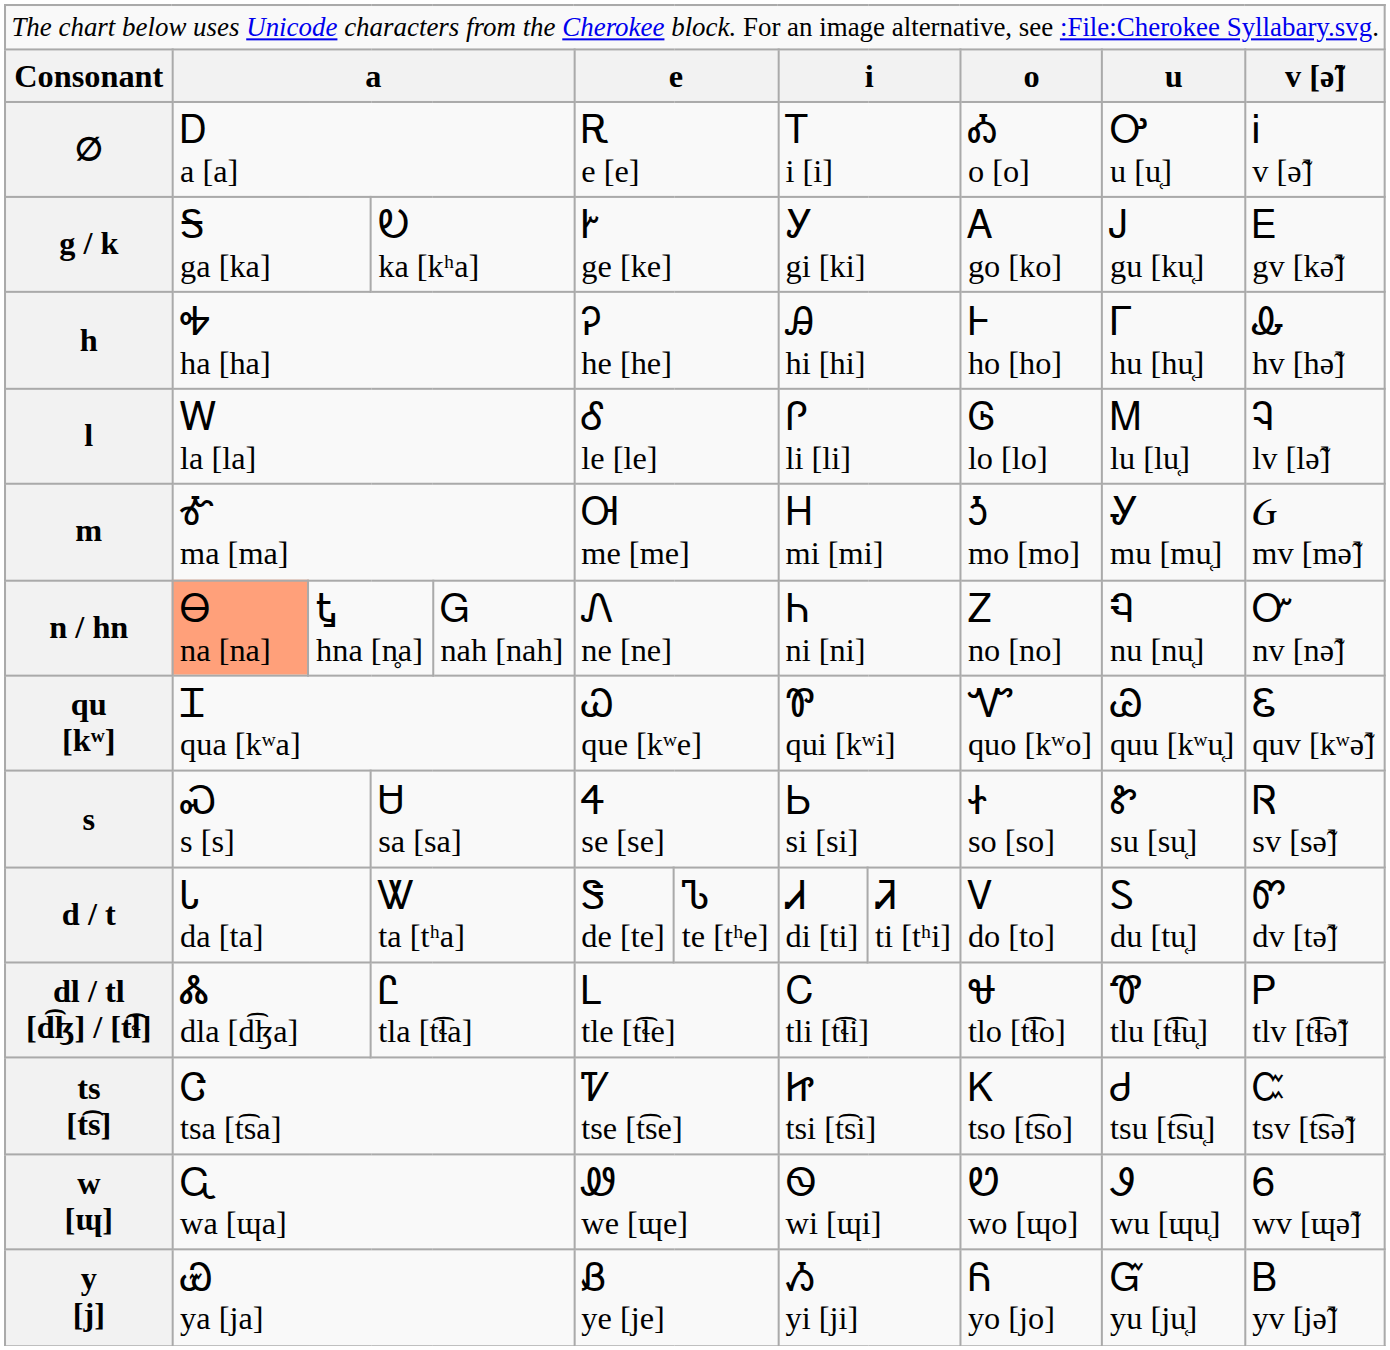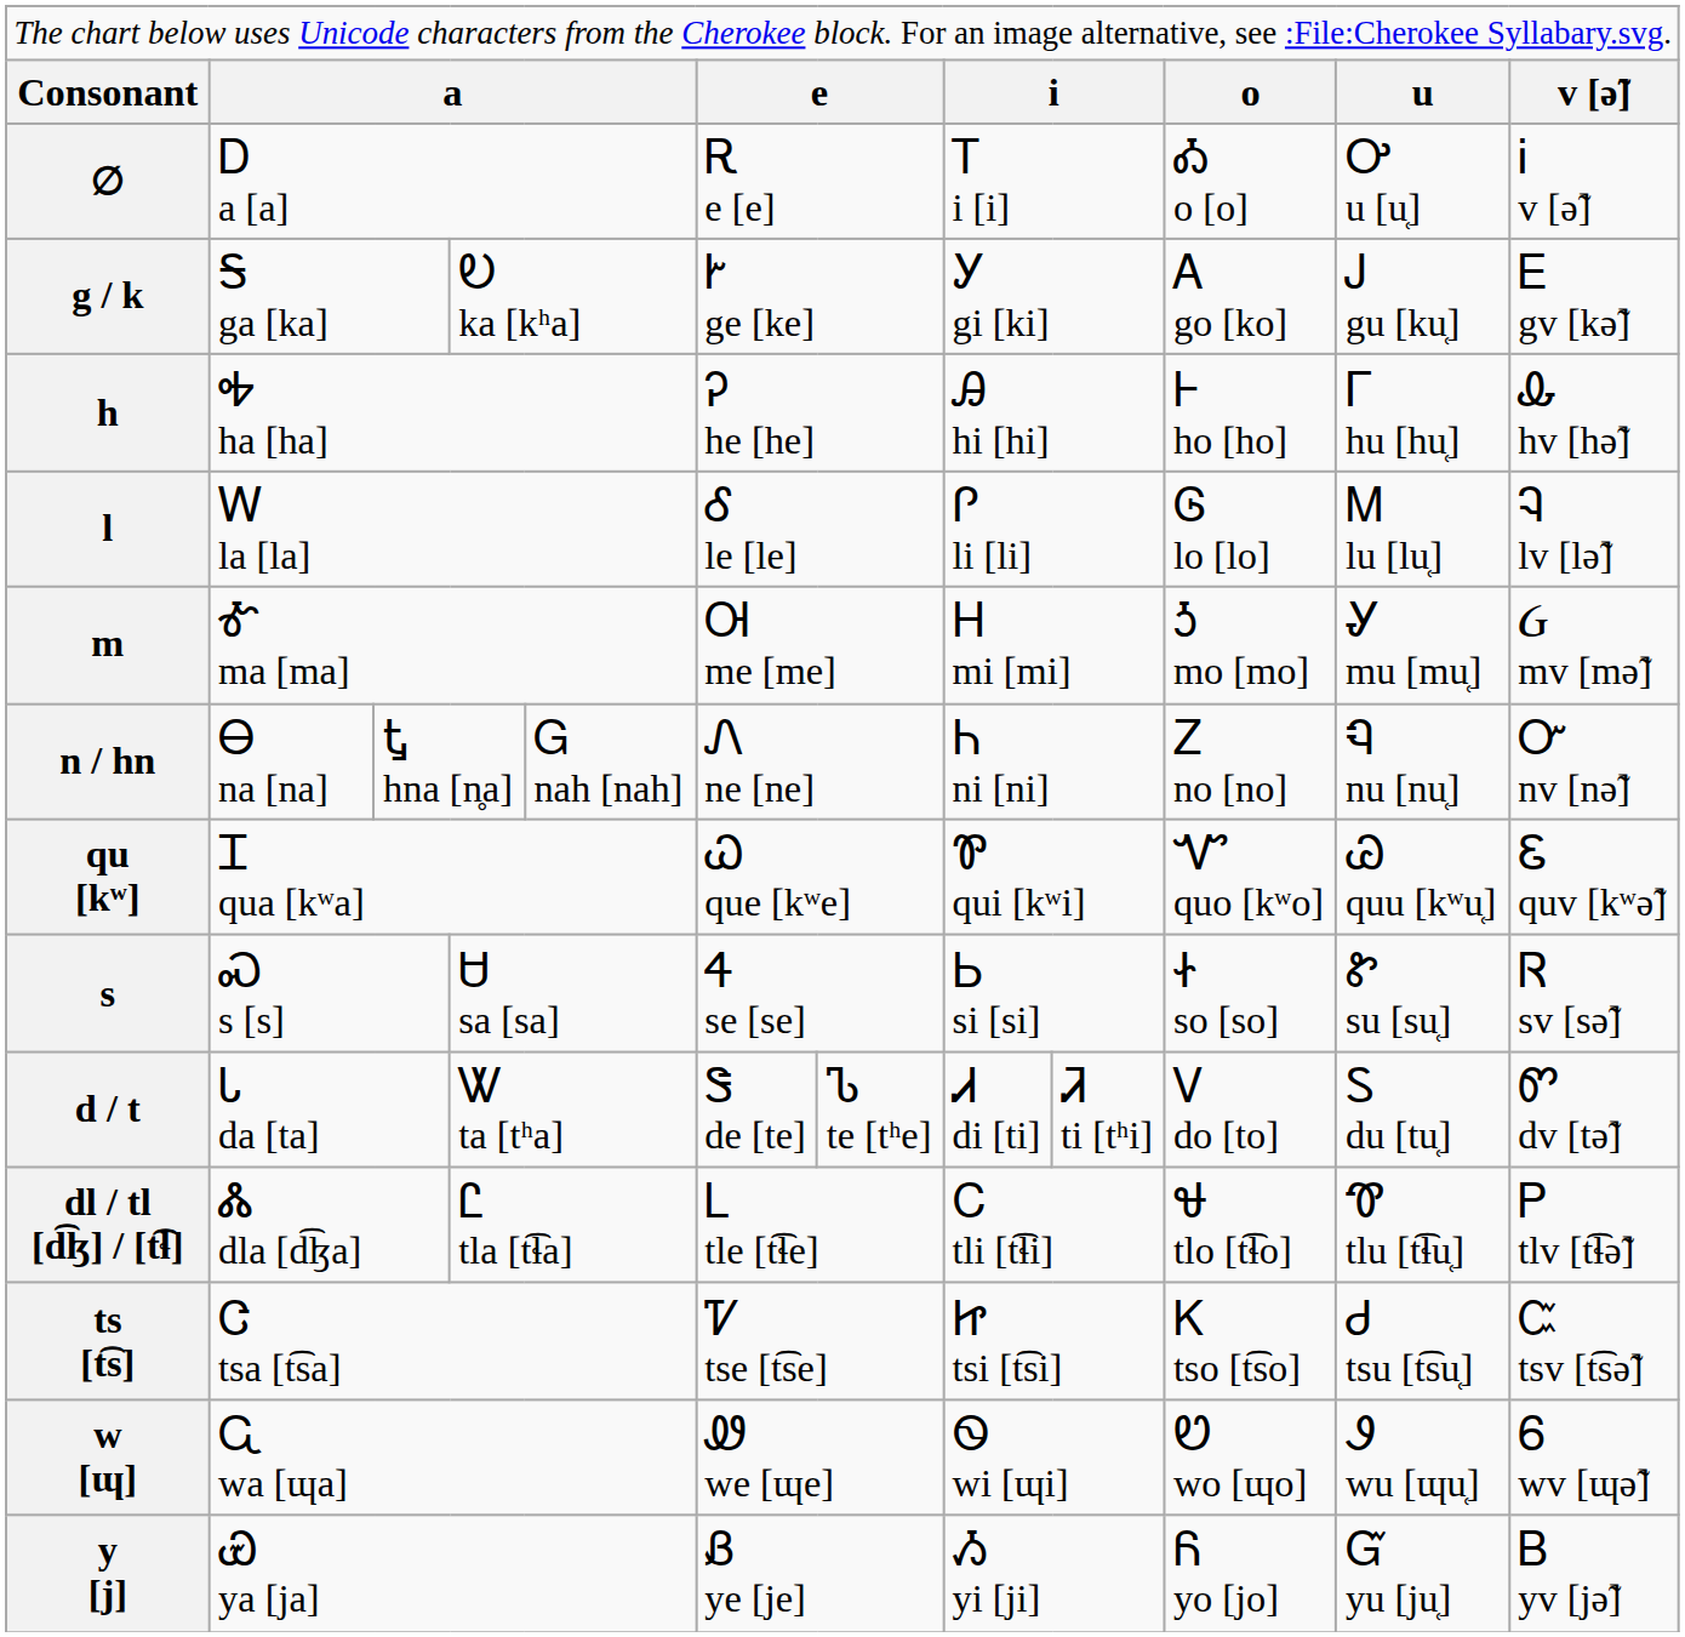 <table class="wikitable">
 <tr>
 <td colspan="12" style="font-size: smaller"><em>The chart below uses <a href='#'>Unicode</a> characters from the <a href='#'>Cherokee</a> block.</em> For an image alternative, see <a href='#'>:File:Cherokee Syllabary.svg</a>.</td>
 </tr>
 <tr>
 <th>Consonant</th>
 <th colspan="4">a</th>
 <th colspan="2">e</th>
 <th colspan="2">i</th>
 <th>o</th>
 <th>u</th>
 <th>v [ə̃]</th>
 </tr>
 <tr>
 <th>∅</th>
 <td colspan="4"><big>Ꭰ</big><br>a [a]</td>
 <td colspan="2"><big>Ꭱ</big><br>e [e]</td>
 <td colspan="2"><big>Ꭲ</big><br>i [i]</td>
 <td><big>Ꭳ</big><br>o [o]</td>
 <td><big>Ꭴ</big><br>u [u̜]</td>
 <td><big>Ꭵ</big><br>v [ə̃]</td>
 </tr>
 <tr>
 <th>g / k</th>
 <td colspan="2"><big>Ꭶ</big><br>ga [ka]</td>
 <td colspan="2"><big>Ꭷ</big><br>ka [kʰa]</td>
 <td colspan="2"><big>Ꭸ</big><br>ge [ke]</td>
 <td colspan="2"><big>Ꭹ</big><br>gi [ki]</td>
 <td><big>Ꭺ</big><br>go [ko]</td>
 <td><big>Ꭻ</big><br>gu [ku̜]</td>
 <td><big>Ꭼ</big><br>gv [kə̃]</td>
 </tr>
 <tr>
 <th>h</th>
 <td colspan="4"><big>Ꭽ</big><br>ha [ha]</td>
 <td colspan="2"><big>Ꭾ</big><br>he [he]</td>
 <td colspan="2"><big>Ꭿ</big><br>hi [hi]</td>
 <td><big>Ꮀ</big><br>ho [ho]</td>
 <td><big>Ꮁ</big><br>hu [hu̜]</td>
 <td><big>Ꮂ</big><br>hv [hə̃]</td>
 </tr>
 <tr>
 <th>l</th>
 <td colspan="4"><big>Ꮃ</big><br>la [la]</td>
 <td colspan="2"><big>Ꮄ</big><br>le [le]</td>
 <td colspan="2"><big>Ꮅ</big><br>li [li]</td>
 <td><big>Ꮆ</big><br>lo [lo]</td>
 <td><big>Ꮇ</big><br>lu [lu̜]</td>
 <td><big>Ꮈ</big><br>lv [lə̃]</td>
 </tr>
 <tr>
 <th>m</th>
 <td colspan="4"><big>Ꮉ</big><br>ma [ma]</td>
 <td colspan="2"><big>Ꮊ</big><br>me [me]</td>
 <td colspan="2"><big>Ꮋ</big><br>mi [mi]</td>
 <td><big>Ꮌ</big><br>mo [mo]</td>
 <td><big>Ꮍ</big><br>mu [mu̜]</td>
 <td><big>Ᏽ</big><br>mv [mə̃]</td>
 </tr>
 <tr>
 <th>n / hn</th>
-<td style="background: lightsalmon;"><big>Ꮎ</big><br>na [na]</td>
+<td><big>Ꮎ</big><br>na [na]</td>
 <td colspan="2"><big>Ꮏ</big><br>hna [n̥a]</td>
 <td><big>Ꮐ</big><br>nah [nah]</td>
 <td colspan="2"><big>Ꮑ</big><br>ne [ne]</td>
 <td colspan="2"><big>Ꮒ</big><br>ni [ni]</td>
 <td><big>Ꮓ</big><br>no [no]</td>
 <td><big>Ꮔ</big><br>nu [nu̜]</td>
 <td><big>Ꮕ</big><br>nv [nə̃]</td>
 </tr>
 <tr>
 <th>qu<br>[kʷ]</th>
 <td colspan="4"><big>Ꮖ</big><br>qua [kʷa]</td>
 <td colspan="2"><big>Ꮗ</big><br>que [kʷe]</td>
 <td colspan="2"><big>Ꮘ</big><br>qui [kʷi]</td>
 <td><big>Ꮙ</big><br>quo [kʷo]</td>
 <td><big>Ꮚ</big><br>quu [kʷu̜]</td>
 <td><big>Ꮛ</big><br>quv [kʷə̃]</td>
 </tr>
 <tr>
 <th>s</th>
 <td colspan="2"><big>Ꮝ</big><br>s [s]</td>
 <td colspan="2"><big>Ꮜ</big><br>sa [sa]</td>
 <td colspan="2"><big>Ꮞ</big><br>se [se]</td>
 <td colspan="2"><big>Ꮟ</big><br>si [si]</td>
 <td><big>Ꮠ</big><br>so [so]</td>
 <td><big>Ꮡ</big><br>su [su̜]</td>
 <td><big>Ꮢ</big><br>sv [sə̃]</td>
 </tr>
 <tr>
 <th>d / t</th>
 <td colspan="2"><big>Ꮣ</big><br>da [ta]</td>
 <td colspan="2"><big>Ꮤ</big><br>ta [tʰa]</td>
 <td><big>Ꮥ</big><br>de [te]</td>
 <td><big>Ꮦ</big><br>te [tʰe]</td>
 <td><big>Ꮧ</big><br>di [ti]</td>
 <td><big>Ꮨ</big><br>ti [tʰi]</td>
 <td><big>Ꮩ</big><br>do [to]</td>
 <td><big>Ꮪ</big><br>du [tu̜]</td>
 <td><big>Ꮫ</big><br>dv [tə̃]</td>
 </tr>
 <tr>
 <th>dl / tl<br>[d͡ɮ] / [t͡ɬ]</th>
 <td colspan="2"><big>Ꮬ</big><br>dla [d͡ɮa]</td>
 <td colspan="2"><big>Ꮭ</big><br>tla [t͡ɬa]</td>
 <td colspan="2"><big>Ꮮ</big><br>tle [t͡ɬe]</td>
 <td colspan="2"><big>Ꮯ</big><br>tli [t͡ɬi]</td>
 <td><big>Ꮰ</big><br>tlo [t͡ɬo]</td>
 <td><big>Ꮱ</big><br>tlu [t͡ɬu̜]</td>
 <td><big>Ꮲ</big><br>tlv [t͡ɬə̃]</td>
 </tr>
 <tr>
 <th>ts<br>[t͡s]</th>
 <td colspan="4"><big>Ꮳ</big><br>tsa [t͡sa]</td>
 <td colspan="2"><big>Ꮴ</big><br>tse [t͡se]</td>
 <td colspan="2"><big>Ꮵ</big><br>tsi [t͡si]</td>
 <td><big>Ꮶ</big><br>tso [t͡so]</td>
 <td><big>Ꮷ</big><br>tsu [t͡su̜]</td>
 <td><big>Ꮸ</big><br>tsv [t͡sə̃]</td>
 </tr>
 <tr>
 <th>w<br>[ɰ]</th>
 <td colspan="4"><big>Ꮹ</big><br>wa [ɰa]</td>
 <td colspan="2"><big>Ꮺ</big><br>we [ɰe]</td>
 <td colspan="2"><big>Ꮻ</big><br>wi [ɰi]</td>
 <td><big>Ꮼ</big><br>wo [ɰo]</td>
 <td><big>Ꮽ</big><br>wu [ɰu̜]</td>
 <td><big>Ꮾ</big><br>wv [ɰə̃]</td>
 </tr>
 <tr>
 <th>y<br>[j]</th>
 <td colspan="4"><big>Ꮿ</big><br>ya [ja]</td>
 <td colspan="2"><big>Ᏸ</big><br>ye [je]</td>
 <td colspan="2"><big>Ᏹ</big><br>yi [ji]</td>
 <td><big>Ᏺ</big><br>yo [jo]</td>
 <td><big>Ᏻ</big><br>yu [ju̜]</td>
 <td><big>Ᏼ</big><br>yv [jə̃]</td>
 </tr>
 </table>
